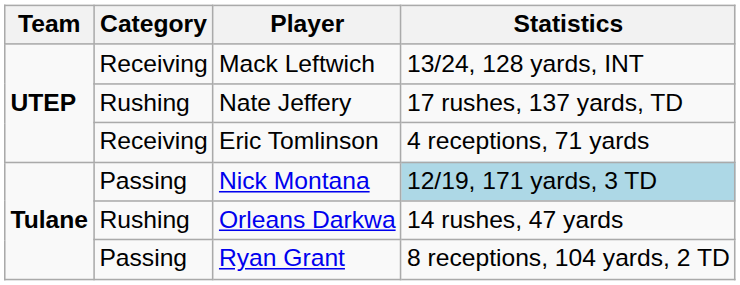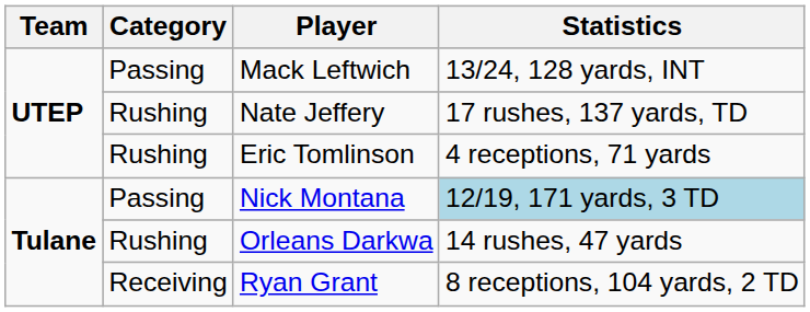 <table class="wikitable" style="float: left;">
 <tr>
 <th>Team</th>
 <th>Category</th>
 <th>Player</th>
 <th>Statistics</th>
 </tr>
 <tr>
 <td rowspan=3><strong>UTEP</strong></td>
-<td>Receiving</td>
+<td>Passing</td>
 <td>Mack Leftwich</td>
 <td>13/24, 128 yards, INT</td>
 </tr>
 <tr>
 <td>Rushing</td>
 <td>Nate Jeffery</td>
 <td>17 rushes, 137 yards, TD</td>
 </tr>
 <tr>
-<td>Receiving</td>
+<td>Rushing</td>
 <td>Eric Tomlinson</td>
 <td>4 receptions, 71 yards</td>
 </tr>
 <tr>
 <td rowspan=3><strong>Tulane</strong></td>
 <td>Passing</td>
 <td><a href='#'>Nick Montana</a></td>
 <td style="background: lightblue;">12/19, 171 yards, 3 TD</td>
 </tr>
 <tr>
 <td>Rushing</td>
 <td><a href='#'>Orleans Darkwa</a></td>
 <td>14 rushes, 47 yards</td>
 </tr>
 <tr>
-<td>Passing</td>
+<td>Receiving</td>
 <td><a href='#'>Ryan Grant</a></td>
 <td>8 receptions, 104 yards, 2 TD</td>
 </tr>
 </table>
